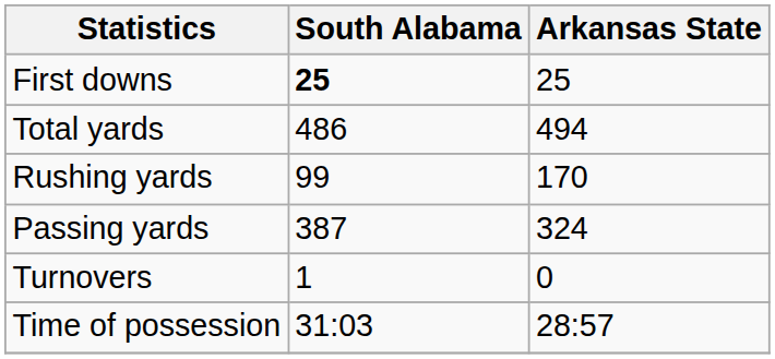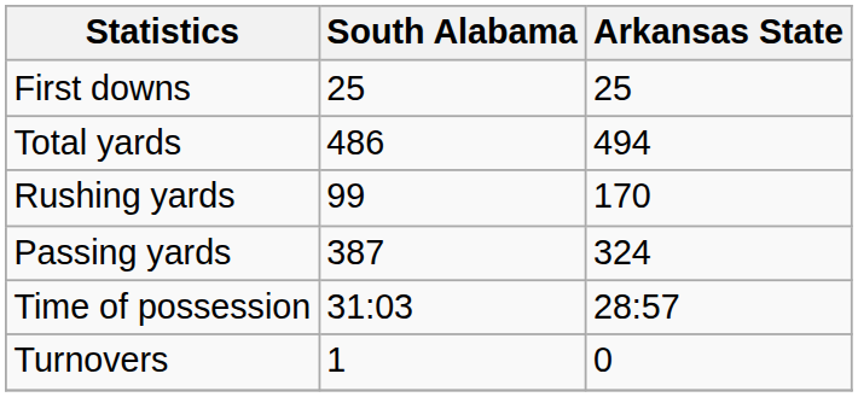 <table class="wikitable">
 <tr>
 <th>Statistics</th>
 <th>South Alabama</th>
 <th>Arkansas State</th>
 </tr>
 <tr>
 <td>First downs</td>
-<td><strong>25</strong></td>
+<td>25</td>
 <td>25</td>
 </tr>
 <tr>
 <td>Total yards</td>
 <td>486</td>
 <td>494</td>
 </tr>
 <tr>
 <td>Rushing yards</td>
 <td>99</td>
 <td>170</td>
 </tr>
 <tr>
 <td>Passing yards</td>
 <td>387</td>
 <td>324</td>
 </tr>
 <tr>
+<td>Time of possession</td>
+<td>31:03</td>
+<td>28:57</td>
+</tr>
+<tr>
 <td>Turnovers</td>
 <td>1</td>
 <td>0</td>
 </tr>
 <tr>
-<td>Time of possession</td>
-<td>31:03</td>
-<td>28:57</td>
-</tr>
-<tr>
 </tr>
 </table>
